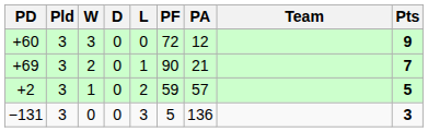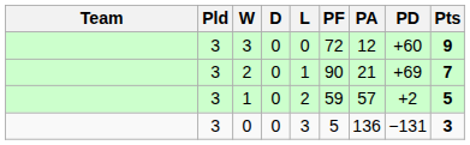 <table class="wikitable" style="text-align:center;">
 <tr>
-<th width=25 abbr="Points difference">PD</th>
+<th width=175>Team</th>
 <th width=20 abbr="Played">Pld</th>
 <th width=20 abbr="Won">W</th>
 <th width=20 abbr="Drawn">D</th>
 <th width=20 abbr="Lost">L</th>
 <th width=20 abbr="Points for">PF</th>
 <th width=20 abbr="Points against">PA</th>
-<th width=175>Team</th>
+<th width=25 abbr="Points difference">PD</th>
 <th width=20 abbr="Points">Pts</th>
 </tr>
 <tr bgcolor=ccffcc>
-<td>+60</td>
+<td align=left></td>
 <td>3</td>
 <td>3</td>
 <td>0</td>
 <td>0</td>
 <td>72</td>
 <td>12</td>
-<td align=left></td>
+<td>+60</td>
 <td><strong>9</strong></td>
 </tr>
 <tr bgcolor=ccffcc>
-<td>+69</td>
+<td align=left></td>
 <td>3</td>
 <td>2</td>
 <td>0</td>
 <td>1</td>
 <td>90</td>
 <td>21</td>
-<td align=left></td>
+<td>+69</td>
 <td><strong>7</strong></td>
 </tr>
 <tr bgcolor=ccffcc>
-<td>+2</td>
+<td align=left></td>
 <td>3</td>
 <td>1</td>
 <td>0</td>
 <td>2</td>
 <td>59</td>
 <td>57</td>
-<td align=left></td>
+<td>+2</td>
 <td><strong>5</strong></td>
 </tr>
 <tr>
-<td>−131</td>
+<td align=left></td>
 <td>3</td>
 <td>0</td>
 <td>0</td>
 <td>3</td>
 <td>5</td>
 <td>136</td>
-<td align=left></td>
+<td>−131</td>
 <td><strong>3</strong></td>
 </tr>
 </table>
